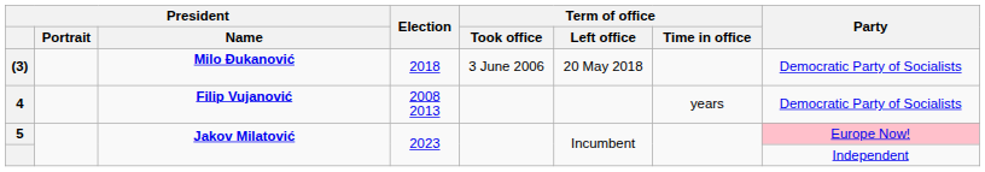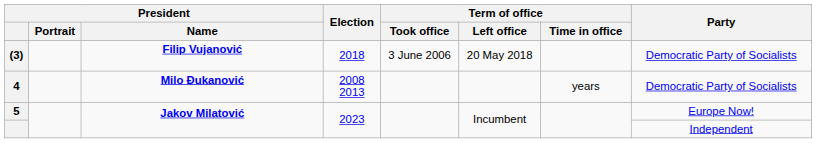 <table class="wikitable" style="text-align:center; width:90%">
 <tr>
 <th colspan=3>President</th>
 <th rowspan=2>Election</th>
 <th colspan=3>Term of office</th>
 <th rowspan=2>Party</th>
 </tr>
 <tr>
 <th width=3%></th>
 <th>Portrait</th>
 <th width=30%>Name<br></th>
 <th>Took office</th>
 <th>Left office</th>
 <th>Time in office</th>
 </tr>
 <tr>
 <th style="background:">(3)<br></th>
 <td></td>
-<td><strong><a href='#'>Milo Đukanović</a></strong><br><br></td>
+<td><strong><a href='#'>Filip Vujanović</a></strong><br><br></td>
 <td><a href='#'>2018</a></td>
 <td>3 June 2006</td>
 <td>20 May 2018</td>
 <td></td>
 <td><a href='#'>Democratic Party of Socialists</a></td>
 </tr>
 <tr>
 <th style="background:">4<br></th>
 <td></td>
-<td><strong><a href='#'>Filip Vujanović</a></strong><br><br></td>
+<td><strong><a href='#'>Milo Đukanović</a></strong><br><br></td>
 <td><a href='#'>2008</a><br><a href='#'>2013</a></td>
 <td></td>
 <td></td>
 <td> years</td>
 <td><a href='#'>Democratic Party of Socialists</a></td>
 </tr>
 <tr>
 <th style="background:">5<br></th>
 <td rowspan="2"></td>
 <td rowspan="2"><strong><a href='#'>Jakov Milatović</a></strong><br><br></td>
 <td rowspan="2"><a href='#'>2023</a></td>
 <td rowspan="2"></td>
 <td rowspan="2">Incumbent</td>
 <td rowspan="2"></td>
-<td style="background: pink;"><a href='#'>Europe Now!</a><br></td>
+<td><a href='#'>Europe Now!</a><br></td>
 </tr>
 <tr>
 <th style="background:"></th>
 <td><a href='#'>Independent</a><br></td>
 </tr>
 </table>
